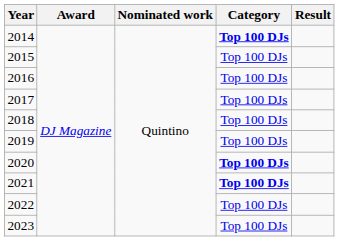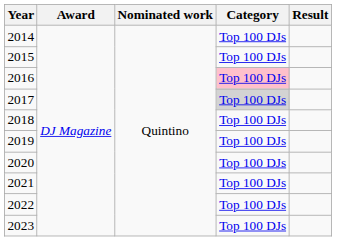 <table class="wikitable plainrowheaders" style="text-align:center;">
 <tr>
 <th>Year</th>
 <th>Award</th>
 <th>Nominated work</th>
 <th>Category</th>
 <th>Result</th>
 </tr>
 <tr>
 <td>2014</td>
 <td rowspan="10"><em><a href='#'>DJ Magazine</a></em></td>
 <td rowspan="10">Quintino</td>
-<td><strong><a href='#'>Top 100 DJs</a></strong></td>
+<td><a href='#'>Top 100 DJs</a></td>
 <td></td>
 </tr>
 <tr>
 <td>2015</td>
 <td><a href='#'>Top 100 DJs</a></td>
 <td></td>
 </tr>
 <tr>
 <td>2016</td>
-<td><a href='#'>Top 100 DJs</a></td>
+<td style="background: pink;"><a href='#'>Top 100 DJs</a></td>
 <td></td>
 </tr>
 <tr>
 <td>2017</td>
-<td><a href='#'>Top 100 DJs</a></td>
+<td style="background: lightgrey;"><a href='#'>Top 100 DJs</a></td>
 <td></td>
 </tr>
 <tr>
 <td>2018</td>
 <td><a href='#'>Top 100 DJs</a></td>
 <td></td>
 </tr>
 <tr>
 <td>2019</td>
 <td><a href='#'>Top 100 DJs</a></td>
 <td></td>
 </tr>
 <tr>
 <td>2020</td>
-<td><strong><a href='#'>Top 100 DJs</a></strong></td>
+<td><a href='#'>Top 100 DJs</a></td>
 <td></td>
 </tr>
 <tr>
 <td>2021</td>
-<td><strong><a href='#'>Top 100 DJs</a></strong></td>
+<td><a href='#'>Top 100 DJs</a></td>
 <td></td>
 </tr>
 <tr>
 <td>2022</td>
 <td><a href='#'>Top 100 DJs</a></td>
 <td></td>
 </tr>
 <tr>
 <td>2023</td>
 <td><a href='#'>Top 100 DJs</a></td>
 <td></td>
 </tr>
 </table>
